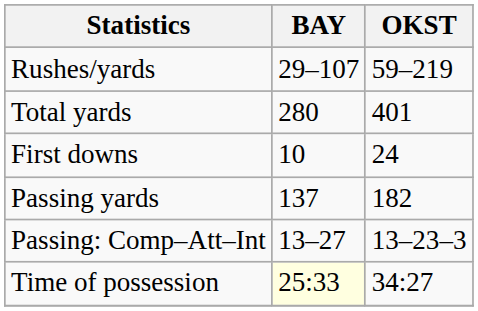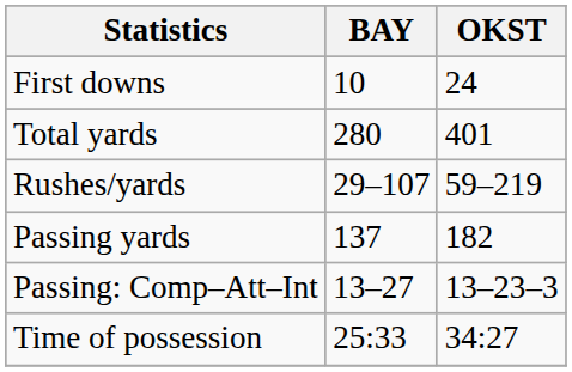 <table class="wikitable" style="float: left;">
 <tr>
 <th>Statistics</th>
 <th>BAY</th>
 <th>OKST</th>
 </tr>
 <tr>
-<td>Rushes/yards</td>
-<td>29–107</td>
-<td>59–219</td>
+<td>First downs</td>
+<td>10</td>
+<td>24</td>
 </tr>
 <tr>
 <td>Total yards</td>
 <td>280</td>
 <td>401</td>
 </tr>
 <tr>
-<td>First downs</td>
-<td>10</td>
-<td>24</td>
+<td>Rushes/yards</td>
+<td>29–107</td>
+<td>59–219</td>
 </tr>
 <tr>
 <td>Passing yards</td>
 <td>137</td>
 <td>182</td>
 </tr>
 <tr>
 <td>Passing: Comp–Att–Int</td>
 <td>13–27</td>
 <td>13–23–3</td>
 </tr>
 <tr>
 <td>Time of possession</td>
-<td style="background: lightyellow;">25:33</td>
+<td>25:33</td>
 <td>34:27</td>
 </tr>
 <tr>
 </tr>
 </table>
